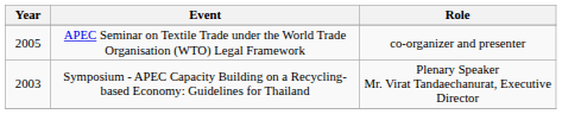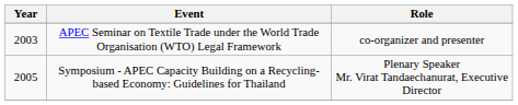 <table class="wikitable" style="text-align: center" border="1" cellpadding="1">
 <tr>
 <th scope="col" width="50">Year</th>
 <th scope="col" width="380">Event</th>
 <th scope="col" width="240">Role</th>
 </tr>
 <tr>
 </tr>
 <tr>
-<td>2005</td>
+<td>2003</td>
 <td><a href='#'> APEC</a> Seminar on Textile Trade under the World Trade Organisation (WTO) Legal Framework</td>
 <td>co-organizer and presenter</td>
 </tr>
 <tr>
-<td>2003</td>
+<td>2005</td>
 <td>Symposium - APEC Capacity Building on a Recycling-based Economy: Guidelines for Thailand</td>
 <td>Plenary Speaker<br>Mr. Virat Tandaechanurat, Executive Director</td>
 </tr>
 <tr>
 </tr>
 </table>
